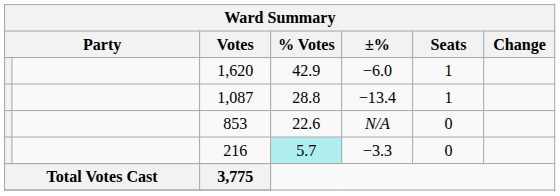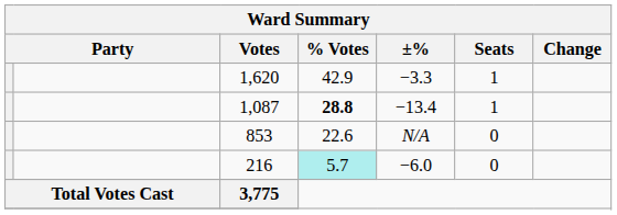 <table class="wikitable" style="font-size: 95%;">
 <tr style="background-color:#E9E9E9">
 <th colspan="7">Ward Summary</th>
 </tr>
 <tr style="background-color:#E9E9E9">
 <th colspan="2">Party</th>
 <th style="width: 60px">Votes</th>
 <th style="width: 60px">% Votes</th>
 <th style="width: 60px">±%</th>
 <th style="width: 60px">Seats</th>
 <th style="width: 60px">Change</th>
 </tr>
 <tr>
 <th style="background-color: "></th>
 <td style="width: 170px"><a href='#'></a></td>
 <td align="center">1,620</td>
 <td align="center">42.9</td>
-<td align="center">−6.0</td>
+<td align="center">−3.3</td>
 <td align="center">1</td>
 <td align="center"></td>
 </tr>
 <tr>
 <th style="background-color: "></th>
 <td style="width: 170px"><a href='#'></a></td>
 <td align="center">1,087</td>
-<td align="center">28.8</td>
+<td align="center"><strong>28.8</strong></td>
 <td align="center">−13.4</td>
 <td align="center">1</td>
 <td align="center"></td>
 </tr>
 <tr>
 <th style="background-color: "></th>
 <td style="width: 170px"><a href='#'></a></td>
 <td align="center">853</td>
 <td align="center">22.6</td>
 <td align="center"><em>N/A</em></td>
 <td align="center">0</td>
 <td align="center"></td>
 </tr>
 <tr>
 <th style="background-color: "></th>
 <td style="width: 170px"><a href='#'></a></td>
 <td align="center">216</td>
 <td align="center" style="background: paleturquoise;">5.7</td>
-<td align="center">−3.3</td>
+<td align="center">−6.0</td>
 <td align="center">0</td>
 <td align="center"></td>
 </tr>
 <tr>
 </tr>
 <tr style="background-color:#E9E9E9">
 <th colspan="2">Total Votes Cast</th>
 <th style="width: 60px">3,775</th>
 </tr>
 <tr style="background-color:#E9E9E9">
 </tr>
 </table>
